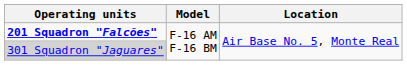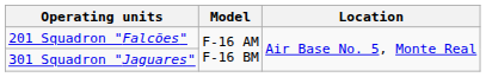 <table class="wikitable">
 <tr>
 <th>Operating units</th>
 <th>Model</th>
 <th>Location</th>
 </tr>
 <tr>
-<td><strong><a href='#'>201 Squadron "<em>Falcões</em>"</a></strong></td>
+<td><a href='#'>201 Squadron "<em>Falcões</em>"</a></td>
 <td rowspan="2">F-16 AM<br>F-16 BM</td>
 <td rowspan="2"><a href='#'>Air Base No. 5</a>, <a href='#'>Monte Real</a></td>
 </tr>
 <tr>
-<td style="background: lightgrey;"><a href='#'>301 Squadron "<em>Jaguares</em>"</a></td>
+<td><a href='#'>301 Squadron "<em>Jaguares</em>"</a></td>
 </tr>
 </table>
